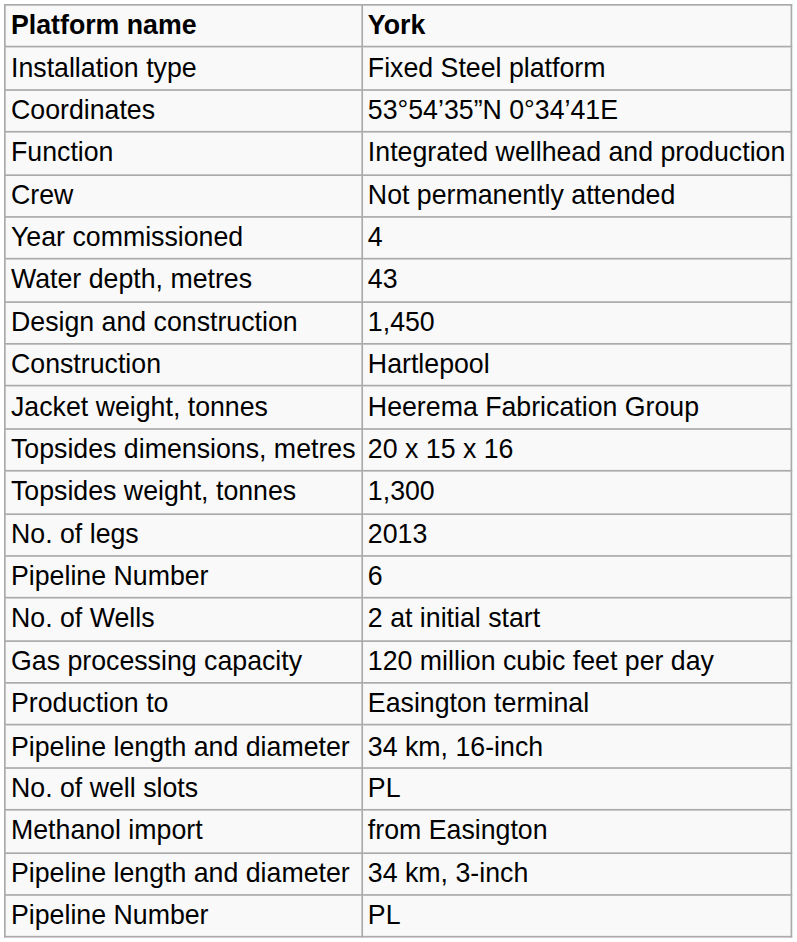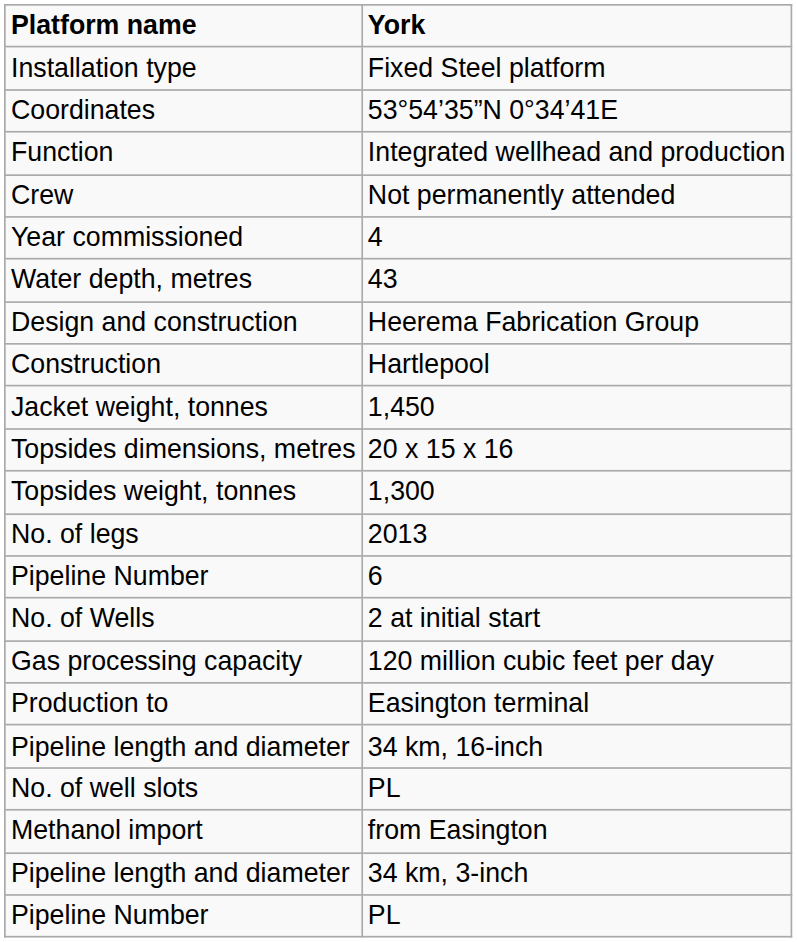 <table class="wikitable">
 <tr>
 <td><strong>Platform name</strong></td>
 <td><strong>York</strong></td>
 </tr>
 <tr>
 <td>Installation type</td>
 <td>Fixed Steel platform</td>
 </tr>
 <tr>
 <td>Coordinates</td>
 <td>53°54’35”N 0°34’41E</td>
 </tr>
 <tr>
 <td>Function</td>
 <td>Integrated wellhead and production</td>
 </tr>
 <tr>
 <td>Crew</td>
 <td>Not permanently attended</td>
 </tr>
 <tr>
 <td>Year commissioned</td>
 <td>4</td>
 </tr>
 <tr>
 <td>Water depth, metres</td>
 <td>43</td>
 </tr>
 <tr>
 <td>Design and construction</td>
-<td>1,450</td>
+<td>Heerema Fabrication Group</td>
 </tr>
 <tr>
 <td>Construction</td>
 <td>Hartlepool</td>
 </tr>
 <tr>
 <td>Jacket weight, tonnes</td>
-<td>Heerema Fabrication Group</td>
+<td>1,450</td>
 </tr>
 <tr>
 <td>Topsides dimensions, metres</td>
 <td>20 x 15 x 16</td>
 </tr>
 <tr>
 <td>Topsides weight, tonnes</td>
 <td>1,300</td>
 </tr>
 <tr>
 <td>No. of legs</td>
 <td>2013</td>
 </tr>
 <tr>
 <td>Pipeline Number</td>
 <td>6</td>
 </tr>
 <tr>
 <td>No. of Wells</td>
 <td>2 at initial start</td>
 </tr>
 <tr>
 <td>Gas processing capacity</td>
 <td>120 million cubic feet per day</td>
 </tr>
 <tr>
 <td>Production to</td>
 <td>Easington terminal</td>
 </tr>
 <tr>
 <td>Pipeline length and diameter</td>
 <td>34 km, 16-inch</td>
 </tr>
 <tr>
 <td>No. of well slots</td>
 <td>PL</td>
 </tr>
 <tr>
 <td>Methanol import</td>
 <td>from Easington</td>
 </tr>
 <tr>
 <td>Pipeline length and diameter</td>
 <td>34 km, 3-inch</td>
 </tr>
 <tr>
 <td>Pipeline Number</td>
 <td>PL</td>
 </tr>
 </table>
